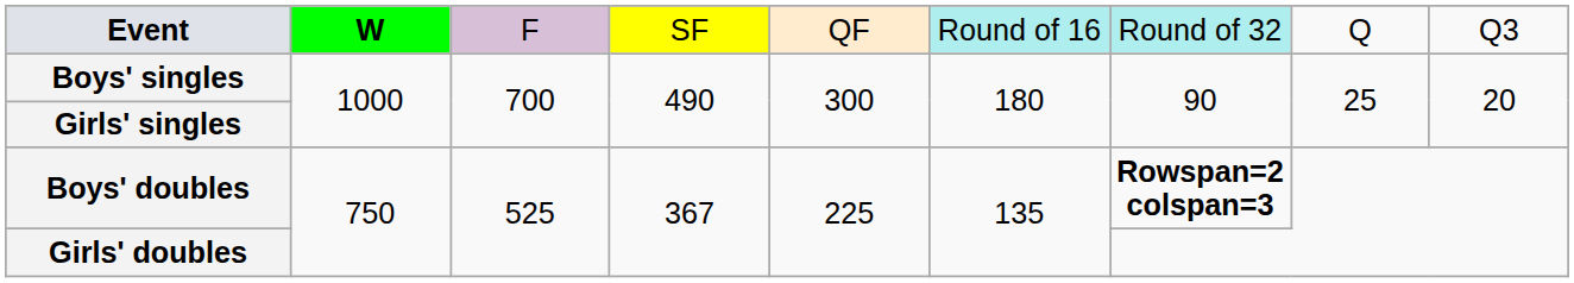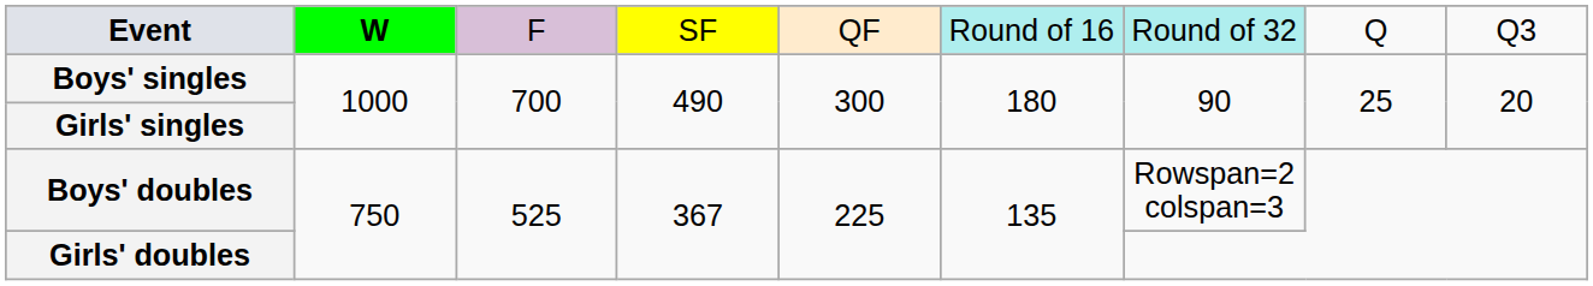 <table class="wikitable nowrap" style="font-size:90%; text-align:center">
 <tr>
 <th style="width:130px; background:#dfe2e9;">Event</th>
 <th style="width:70px; background:lime;">W</th>
 <td style="width:70px; background:thistle;">F</td>
 <td style="width:70px; background:#ff0;">SF</td>
 <td style="width:70px; background:#ffebcd;">QF</td>
 <td style="width:80px; background:#afeeee;">Round of 16</td>
 <td style="width:80px; background:#afeeee;">Round of 32</td>
 <td style="width:60px;">Q</td>
 <td style="width:60px;">Q3</td>
 </tr>
 <tr>
 <th style="background:#f3f3f3;">Boys' singles</th>
 <td rowspan=2>1000</td>
 <td rowspan=2>700</td>
 <td rowspan=2>490</td>
 <td rowspan=2>300</td>
 <td rowspan=2>180</td>
 <td rowspan=2>90</td>
 <td rowspan=2>25</td>
 <td rowspan=2>20</td>
 </tr>
 <tr>
 <th style="background:#f3f3f3;">Girls' singles</th>
 </tr>
 <tr>
 <th style="background:#f3f3f3;">Boys' doubles</th>
 <td rowspan=2>750</td>
 <td rowspan=2>525</td>
 <td rowspan=2>367</td>
 <td rowspan=2>225</td>
 <td rowspan=2>135</td>
-<td><strong>Rowspan=2 colspan=3 </strong></td>
+<td>Rowspan=2 colspan=3 </td>
 </tr>
 <tr>
 <th style="background:#f3f3f3;">Girls' doubles</th>
 </tr>
 </table>
